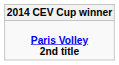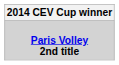 <table class=wikitable style="text-align:center; margin:auto">
 <tr>
 <th>2014 CEV Cup winner</th>
 </tr>
 <tr>
-<td><br><strong><a href='#'>Paris Volley</a></strong><br> <strong>2nd title</strong></td>
+<td style="background: lightgrey;"><br><strong><a href='#'>Paris Volley</a></strong><br> <strong>2nd title</strong></td>
 </tr>
 </table>
